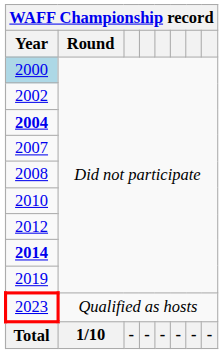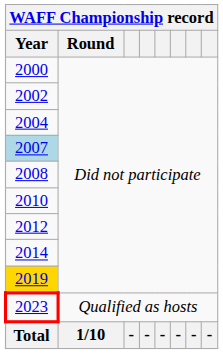 <table class="wikitable" style="text-align: center;">
 <tr>
 <th colspan=9><a href='#'>WAFF Championship</a> record</th>
 </tr>
 <tr>
 <th>Year</th>
 <th>Round</th>
 <th></th>
 <th></th>
 <th></th>
 <th></th>
 <th></th>
 <th></th>
 </tr>
 <tr>
-<td style="background: lightblue;"> <a href='#'>2000</a></td>
+<td> <a href='#'>2000</a></td>
 <td rowspan=9 colspan=8><em>Did not participate</em></td>
 </tr>
 <tr>
 <td> <a href='#'>2002</a></td>
 </tr>
 <tr>
-<td><strong> <a href='#'>2004</a></strong></td>
+<td> <a href='#'>2004</a></td>
 </tr>
 <tr>
-<td> <a href='#'>2007</a></td>
+<td style="background: lightblue;"> <a href='#'>2007</a></td>
 </tr>
 <tr>
 <td> <a href='#'>2008</a></td>
 </tr>
 <tr>
 <td> <a href='#'>2010</a></td>
 </tr>
 <tr>
 <td> <a href='#'>2012</a></td>
 </tr>
 <tr>
-<td><strong> <a href='#'>2014</a></strong></td>
+<td> <a href='#'>2014</a></td>
 </tr>
 <tr>
-<td> <a href='#'>2019</a></td>
+<td style="background: gold;"> <a href='#'>2019</a></td>
 </tr>
 <tr>
 <td style="border: 3px solid red"> <a href='#'>2023</a></td>
 <td colspan=7><em>Qualified as hosts</em></td>
 </tr>
 <tr>
 <th>Total</th>
 <th>1/10</th>
 <th>-</th>
 <th>-</th>
 <th>-</th>
 <th>-</th>
 <th>-</th>
 <th>-</th>
 </tr>
 </table>
